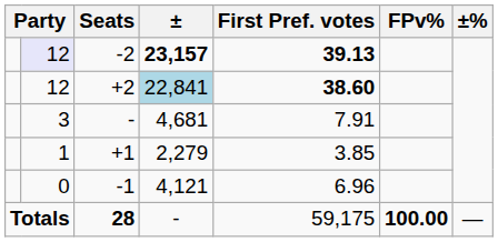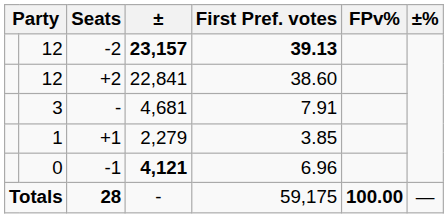 <table class=wikitable>
 <tr>
 <th colspan=2 align=center>Party</th>
 <th valign=top>Seats</th>
 <th valign=top>±</th>
 <th valign=top>First Pref. votes</th>
 <th valign=top>FPv%</th>
 <th valign=top>±%</th>
 </tr>
 <tr>
 <td></td>
-<td align=right style="background: lavender;">12</td>
+<td align=right>12</td>
 <td align=right>-2</td>
 <td align=right><strong>23,157</strong></td>
 <td align=right><strong>39.13</strong></td>
 <td align=right></td>
 </tr>
 <tr>
 <td></td>
 <td align=right>12</td>
 <td align=right>+2</td>
-<td align=right style="background: lightblue;">22,841</td>
-<td align=right><strong>38.60</strong></td>
+<td align=right>22,841</td>
+<td align=right>38.60</td>
 <td align=right></td>
 </tr>
 <tr>
 <td></td>
 <td align=right>3</td>
 <td align=right>-</td>
 <td align=right>4,681</td>
 <td align=right>7.91</td>
 <td align=right></td>
 </tr>
 <tr>
 <td></td>
 <td align=right>1</td>
 <td align=right>+1</td>
 <td align=right>2,279</td>
 <td align=right>3.85</td>
 <td align=right></td>
 </tr>
 <tr>
 <td></td>
 <td align=right>0</td>
 <td align=right>-1</td>
-<td align=right>4,121</td>
+<td align=right><strong>4,121</strong></td>
 <td align=right>6.96</td>
 <td align=right></td>
 </tr>
 <tr>
 <td colspan=2 align=center><strong>Totals</strong></td>
 <td align=right><strong>28</strong></td>
 <td align=center>-</td>
 <td align=right>59,175</td>
 <td align=center><strong>100.00</strong></td>
 <td align=center>—</td>
 </tr>
 </table>
